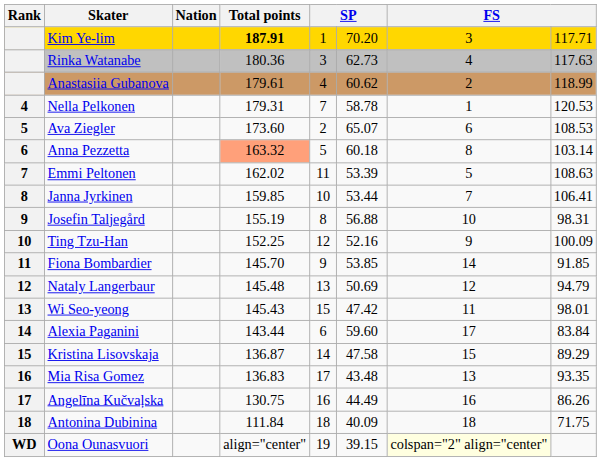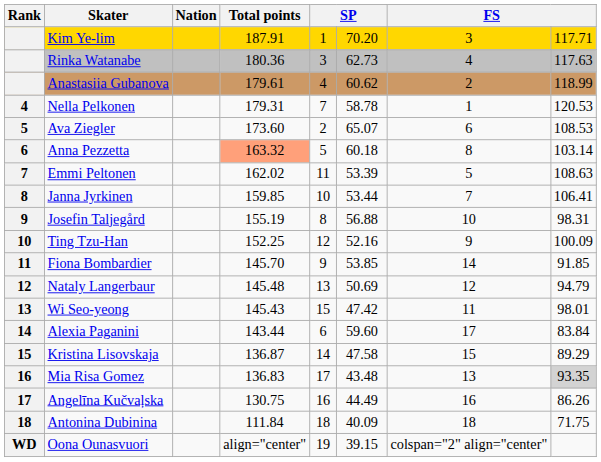 <table class="wikitable sortable" style="text-align:left">
 <tr>
 <th scope="col">Rank</th>
 <th scope="col">Skater</th>
 <th scope="col">Nation</th>
 <th scope="col">Total points</th>
 <th scope="col" colspan="2" width="80px"><a href='#'>SP</a></th>
 <th scope="col" colspan="2" width="80px"><a href='#'>FS</a></th>
 </tr>
 <tr bgcolor="gold">
 <th scope="row"></th>
 <td><a href='#'>Kim Ye-lim</a></td>
 <td></td>
-<td align="center"><strong>187.91</strong></td>
+<td align="center">187.91</td>
 <td align="center">1</td>
 <td align="center">70.20</td>
 <td align="center">3</td>
 <td align="center">117.71</td>
 </tr>
 <tr bgcolor="silver">
 <th scope="row"></th>
 <td><a href='#'>Rinka Watanabe</a></td>
 <td></td>
 <td align="center">180.36</td>
 <td align="center">3</td>
 <td align="center">62.73</td>
 <td align="center">4</td>
 <td align="center">117.63</td>
 </tr>
 <tr bgcolor="cc9966">
 <th scope="row"></th>
 <td><a href='#'>Anastasiia Gubanova</a></td>
 <td></td>
 <td align="center">179.61</td>
 <td align="center">4</td>
 <td align="center">60.62</td>
 <td align="center">2</td>
 <td align="center">118.99</td>
 </tr>
 <tr>
 <th scope="row">4</th>
 <td><a href='#'>Nella Pelkonen</a></td>
 <td></td>
 <td align="center">179.31</td>
 <td align="center">7</td>
 <td align="center">58.78</td>
 <td align="center">1</td>
 <td align="center">120.53</td>
 </tr>
 <tr>
 <th scope="row">5</th>
 <td><a href='#'>Ava Ziegler</a></td>
 <td></td>
 <td align="center">173.60</td>
 <td align="center">2</td>
 <td align="center">65.07</td>
 <td align="center">6</td>
 <td align="center">108.53</td>
 </tr>
 <tr>
 <th scope="row">6</th>
 <td><a href='#'>Anna Pezzetta</a></td>
 <td></td>
 <td align="center" style="background: lightsalmon;">163.32</td>
 <td align="center">5</td>
 <td align="center">60.18</td>
 <td align="center">8</td>
 <td align="center">103.14</td>
 </tr>
 <tr>
 <th scope="row">7</th>
 <td><a href='#'>Emmi Peltonen</a></td>
 <td></td>
 <td align="center">162.02</td>
 <td align="center">11</td>
 <td align="center">53.39</td>
 <td align="center">5</td>
 <td align="center">108.63</td>
 </tr>
 <tr>
 <th scope="row">8</th>
 <td><a href='#'>Janna Jyrkinen</a></td>
 <td></td>
 <td align="center">159.85</td>
 <td align="center">10</td>
 <td align="center">53.44</td>
 <td align="center">7</td>
 <td align="center">106.41</td>
 </tr>
 <tr>
 <th scope="row">9</th>
 <td><a href='#'>Josefin Taljegård</a></td>
 <td></td>
 <td align="center">155.19</td>
 <td align="center">8</td>
 <td align="center">56.88</td>
 <td align="center">10</td>
 <td align="center">98.31</td>
 </tr>
 <tr>
 <th scope="row">10</th>
 <td><a href='#'>Ting Tzu-Han</a></td>
 <td></td>
 <td align="center">152.25</td>
 <td align="center">12</td>
 <td align="center">52.16</td>
 <td align="center">9</td>
 <td align="center">100.09</td>
 </tr>
 <tr>
 <th scope="row">11</th>
 <td><a href='#'>Fiona Bombardier</a></td>
 <td></td>
 <td align="center">145.70</td>
 <td align="center">9</td>
 <td align="center">53.85</td>
 <td align="center">14</td>
 <td align="center">91.85</td>
 </tr>
 <tr>
 <th scope="row">12</th>
 <td><a href='#'>Nataly Langerbaur</a></td>
 <td></td>
 <td align="center">145.48</td>
 <td align="center">13</td>
 <td align="center">50.69</td>
 <td align="center">12</td>
 <td align="center">94.79</td>
 </tr>
 <tr>
 <th scope="row">13</th>
 <td><a href='#'>Wi Seo-yeong</a></td>
 <td></td>
 <td align="center">145.43</td>
 <td align="center">15</td>
 <td align="center">47.42</td>
 <td align="center">11</td>
 <td align="center">98.01</td>
 </tr>
 <tr>
 <th scope="row">14</th>
 <td><a href='#'>Alexia Paganini</a></td>
 <td></td>
 <td align="center">143.44</td>
 <td align="center">6</td>
 <td align="center">59.60</td>
 <td align="center">17</td>
 <td align="center">83.84</td>
 </tr>
 <tr>
 <th scope="row">15</th>
 <td><a href='#'>Kristina Lisovskaja</a></td>
 <td></td>
 <td align="center">136.87</td>
 <td align="center">14</td>
 <td align="center">47.58</td>
 <td align="center">15</td>
 <td align="center">89.29</td>
 </tr>
 <tr>
 <th scope="row">16</th>
 <td><a href='#'>Mia Risa Gomez</a></td>
 <td></td>
 <td align="center">136.83</td>
 <td align="center">17</td>
 <td align="center">43.48</td>
 <td align="center">13</td>
-<td align="center">93.35</td>
+<td align="center" style="background: lightgrey;">93.35</td>
 </tr>
 <tr>
 <th scope="row">17</th>
 <td><a href='#'>Angelīna Kučvaļska</a></td>
 <td></td>
 <td align="center">130.75</td>
 <td align="center">16</td>
 <td align="center">44.49</td>
 <td align="center">16</td>
 <td align="center">86.26</td>
 </tr>
 <tr>
 <th scope="row">18</th>
 <td><a href='#'>Antonina Dubinina</a></td>
 <td></td>
 <td align="center">111.84</td>
 <td align="center">18</td>
 <td align="center">40.09</td>
 <td align="center">18</td>
 <td align="center">71.75</td>
 </tr>
 <tr>
 <th scope="row">WD</th>
 <td><a href='#'>Oona Ounasvuori</a></td>
 <td></td>
 <td>align="center" </td>
 <td align="center">19</td>
 <td align="center">39.15</td>
-<td style="background: lightyellow;">colspan="2" align="center" </td>
+<td>colspan="2" align="center" </td>
 </tr>
 </table>
